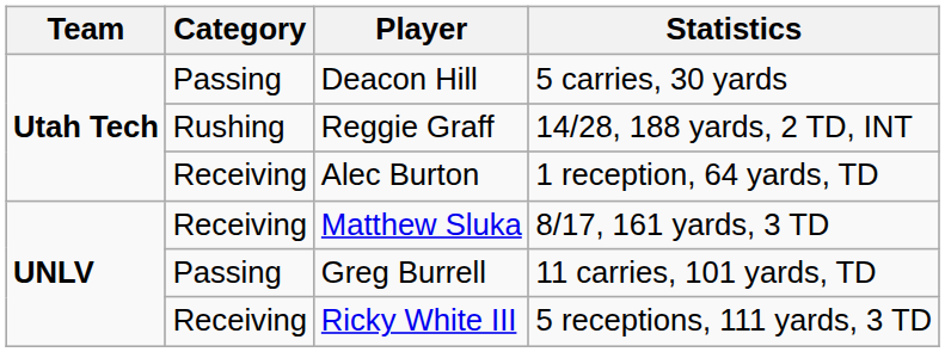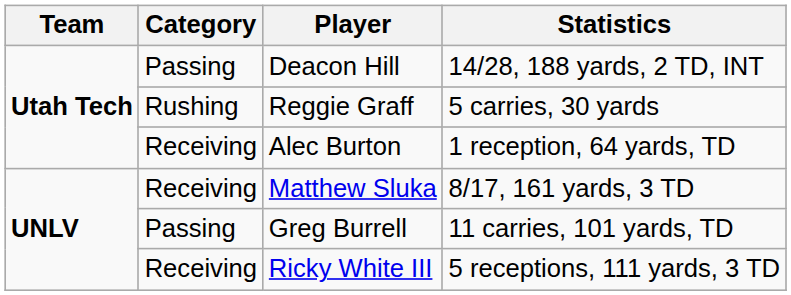 <table class="wikitable" style="float: right;">
 <tr>
 <th>Team</th>
 <th>Category</th>
 <th>Player</th>
 <th>Statistics</th>
 </tr>
 <tr>
 <td rowspan=3><strong>Utah Tech</strong></td>
 <td>Passing</td>
 <td>Deacon Hill</td>
-<td>5 carries, 30 yards</td>
+<td>14/28, 188 yards, 2 TD, INT</td>
 </tr>
 <tr>
 <td>Rushing</td>
 <td>Reggie Graff</td>
-<td>14/28, 188 yards, 2 TD, INT</td>
+<td>5 carries, 30 yards</td>
 </tr>
 <tr>
 <td>Receiving</td>
 <td>Alec Burton</td>
 <td>1 reception, 64 yards, TD</td>
 </tr>
 <tr>
 <td rowspan=3><strong>UNLV</strong></td>
 <td>Receiving</td>
 <td><a href='#'>Matthew Sluka</a></td>
 <td>8/17, 161 yards, 3 TD</td>
 </tr>
 <tr>
 <td>Passing</td>
 <td>Greg Burrell</td>
 <td>11 carries, 101 yards, TD</td>
 </tr>
 <tr>
 <td>Receiving</td>
 <td><a href='#'>Ricky White III</a></td>
 <td>5 receptions, 111 yards, 3 TD</td>
 </tr>
 </table>
